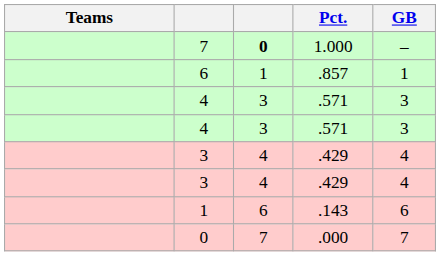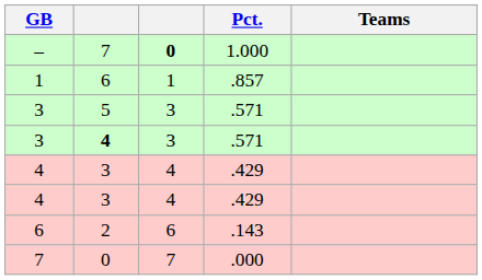 <table class="wikitable" width="400" style="text-align:center;">
 <tr>
-<th width="20%">Teams</th>
+<th width="7%"><a href='#'>GB</a></th>
 <th width="7%"></th>
 <th width="7%"></th>
 <th width="8%"><a href='#'>Pct.</a></th>
-<th width="7%"><a href='#'>GB</a></th>
+<th width="20%">Teams</th>
 </tr>
 <tr style="background-color:#cfc">
-<td align=left></td>
+<td>–</td>
 <td>7</td>
 <td><strong>0</strong></td>
 <td>1.000</td>
-<td>–</td>
+<td align=left></td>
 </tr>
 <tr style="background-color:#cfc">
-<td align=left></td>
+<td>1</td>
 <td>6</td>
 <td>1</td>
 <td>.857</td>
-<td>1</td>
+<td align=left></td>
 </tr>
 <tr style="background-color:#cfc">
-<td align=left></td>
-<td>4</td>
+<td>3</td>
+<td>5</td>
 <td>3</td>
 <td>.571</td>
-<td>3</td>
+<td align=left></td>
 </tr>
 <tr style="background-color:#cfc">
-<td align=left></td>
-<td>4</td>
+<td>3</td>
+<td><strong>4</strong></td>
 <td>3</td>
 <td>.571</td>
-<td>3</td>
+<td align=left></td>
 </tr>
 <tr style="background-color:#fcc">
-<td align=left></td>
+<td>4</td>
 <td>3</td>
 <td>4</td>
 <td>.429</td>
-<td>4</td>
+<td align=left></td>
 </tr>
 <tr style="background-color:#fcc">
-<td align=left></td>
+<td>4</td>
 <td>3</td>
 <td>4</td>
 <td>.429</td>
-<td>4</td>
+<td align=left></td>
 </tr>
 <tr style="background-color:#fcc">
-<td align=left></td>
-<td>1</td>
+<td>6</td>
+<td>2</td>
 <td>6</td>
 <td>.143</td>
-<td>6</td>
+<td align=left></td>
 </tr>
 <tr style="background-color:#fcc">
-<td align=left></td>
+<td>7</td>
 <td>0</td>
 <td>7</td>
 <td>.000</td>
-<td>7</td>
+<td align=left></td>
 </tr>
 </table>
